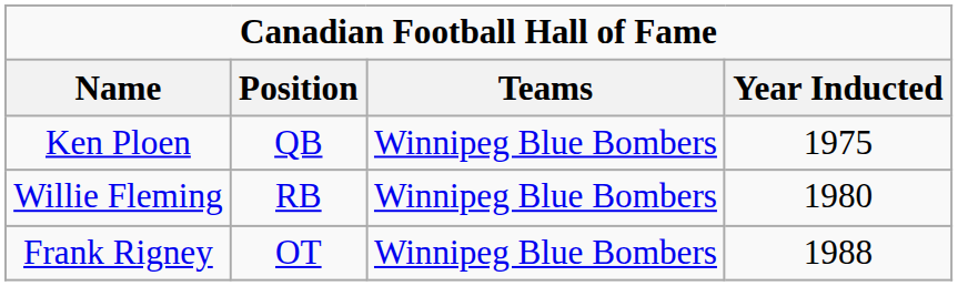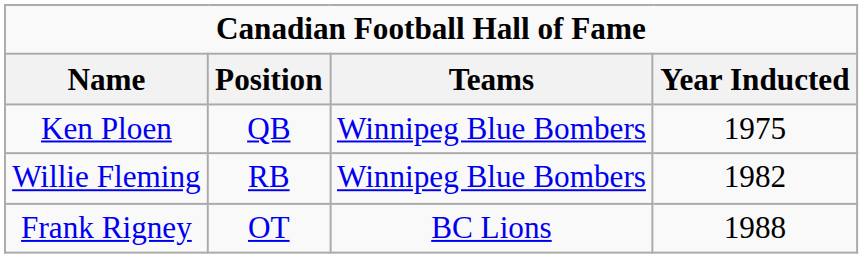 <table class="wikitable sortable" style="text-align:center">
 <tr>
 <td colspan="4"><strong>Canadian Football Hall of Fame</strong></td>
 </tr>
 <tr>
 <th>Name</th>
 <th>Position</th>
 <th>Teams</th>
 <th>Year Inducted</th>
 </tr>
 <tr>
 <td><a href='#'>Ken Ploen</a></td>
 <td><a href='#'>QB</a></td>
 <td><a href='#'>Winnipeg Blue Bombers</a></td>
 <td>1975</td>
 </tr>
 <tr>
 <td><a href='#'>Willie Fleming</a></td>
 <td><a href='#'>RB</a></td>
 <td><a href='#'>Winnipeg Blue Bombers</a></td>
-<td>1980</td>
+<td>1982</td>
 </tr>
 <tr>
 <td><a href='#'>Frank Rigney</a></td>
 <td><a href='#'>OT</a></td>
-<td><a href='#'>Winnipeg Blue Bombers</a></td>
+<td><a href='#'>BC Lions</a></td>
 <td>1988</td>
 </tr>
 </table>
